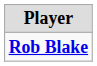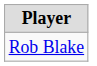 <table class="wikitable">
 <tr align="center"  bgcolor="#dddddd">
 <td><strong>Player</strong></td>
 </tr>
 <tr>
-<td><strong><a href='#'>Rob Blake</a></strong></td>
+<td><a href='#'>Rob Blake</a></td>
 </tr>
 </table>
